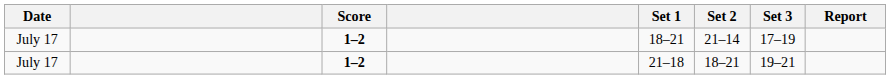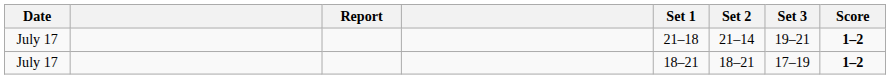 <table class="wikitable" style="text-align: center; font-size:90% ">
 <tr>
 <th width="60">Date</th>
 <th align="right" width="250"></th>
-<th width="60">Score</th>
+<th width="75">Report</th>
 <th align="left" width="250"></th>
 <th width="50">Set 1</th>
 <th width="50">Set 2</th>
 <th width="50">Set 3</th>
-<th width="75">Report</th>
+<th width="60">Score</th>
 </tr>
 <tr>
 <td>July 17</td>
 <td align=left></td>
+<td></td>
+<td align=left><strong></strong></td>
+<td>21–18</td>
+<td>21–14</td>
+<td>19–21</td>
 <td align=center><strong>1–2</strong></td>
-<td align=left><strong></strong></td>
-<td>18–21</td>
-<td>21–14</td>
-<td>17–19</td>
-<td></td>
 </tr>
 <tr>
 <td>July 17</td>
 <td align=left></td>
+<td></td>
+<td align=left><strong></strong></td>
+<td>18–21</td>
+<td>18–21</td>
+<td>17–19</td>
 <td align=center><strong>1–2</strong></td>
-<td align=left><strong></strong></td>
-<td>21–18</td>
-<td>18–21</td>
-<td>19–21</td>
-<td></td>
 </tr>
 </table>
